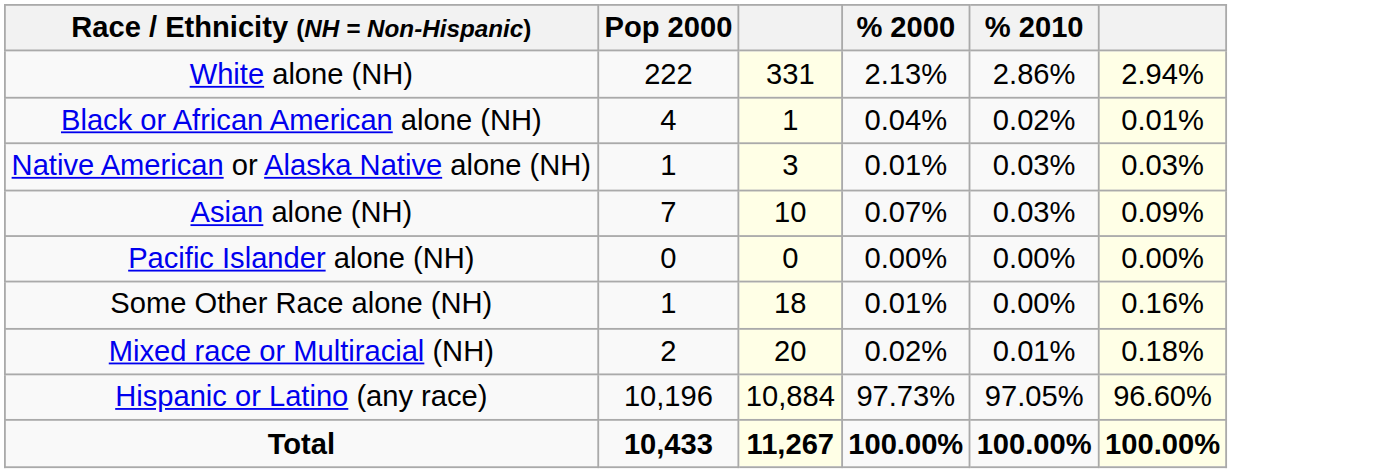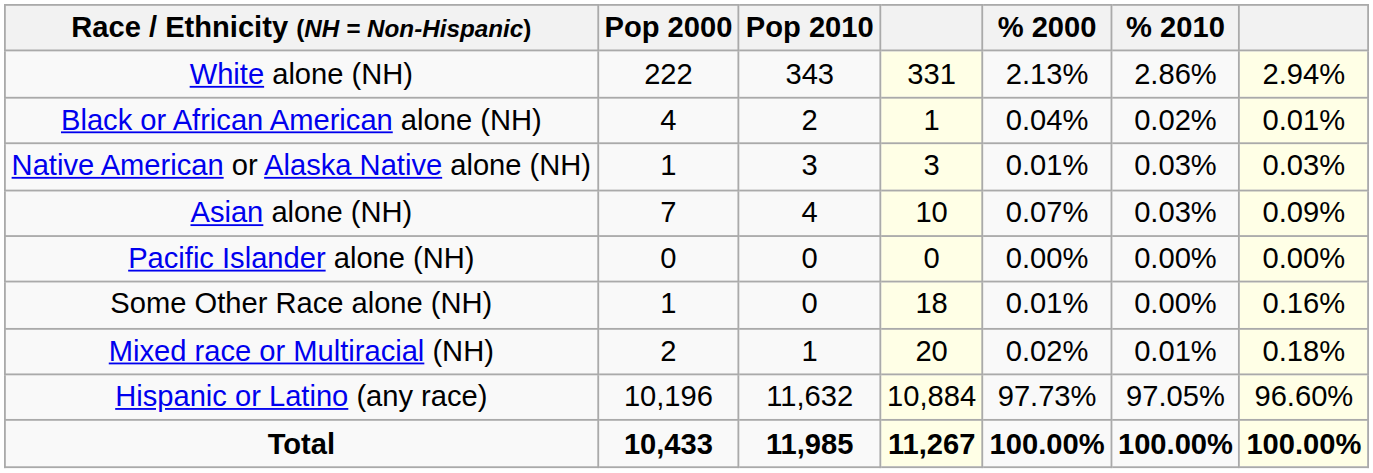 <table class="wikitable" style="text-align:center;">
 <tr>
 <th>Race / Ethnicity <small>(<em>NH = Non-Hispanic</em>)</small></th>
 <th>Pop 2000</th>
+<th>Pop 2010</th>
 <th></th>
 <th>% 2000</th>
 <th>% 2010</th>
 <th></th>
 </tr>
 <tr>
 <td><a href='#'>White</a> alone (NH)</td>
 <td>222</td>
+<td>343</td>
 <td style='background: #ffffe6;'>331</td>
 <td>2.13%</td>
 <td>2.86%</td>
 <td style='background: #ffffe6;'>2.94%</td>
 </tr>
 <tr>
 <td><a href='#'>Black or African American</a> alone (NH)</td>
 <td>4</td>
+<td>2</td>
 <td style='background: #ffffe6;'>1</td>
 <td>0.04%</td>
 <td>0.02%</td>
 <td style='background: #ffffe6;'>0.01%</td>
 </tr>
 <tr>
 <td><a href='#'>Native American</a> or <a href='#'>Alaska Native</a> alone (NH)</td>
 <td>1</td>
+<td>3</td>
 <td style='background: #ffffe6;'>3</td>
 <td>0.01%</td>
 <td>0.03%</td>
 <td style='background: #ffffe6;'>0.03%</td>
 </tr>
 <tr>
 <td><a href='#'>Asian</a> alone (NH)</td>
 <td>7</td>
+<td>4</td>
 <td style='background: #ffffe6;'>10</td>
 <td>0.07%</td>
 <td>0.03%</td>
 <td style='background: #ffffe6;'>0.09%</td>
 </tr>
 <tr>
 <td><a href='#'>Pacific Islander</a> alone (NH)</td>
+<td>0</td>
 <td>0</td>
 <td style='background: #ffffe6;'>0</td>
 <td>0.00%</td>
 <td>0.00%</td>
 <td style='background: #ffffe6;'>0.00%</td>
 </tr>
 <tr>
 <td>Some Other Race alone (NH)</td>
 <td>1</td>
+<td>0</td>
 <td style='background: #ffffe6;'>18</td>
 <td>0.01%</td>
 <td>0.00%</td>
 <td style='background: #ffffe6;'>0.16%</td>
 </tr>
 <tr>
 <td><a href='#'>Mixed race or Multiracial</a> (NH)</td>
 <td>2</td>
+<td>1</td>
 <td style='background: #ffffe6;'>20</td>
 <td>0.02%</td>
 <td>0.01%</td>
 <td style='background: #ffffe6;'>0.18%</td>
 </tr>
 <tr>
 <td><a href='#'>Hispanic or Latino</a> (any race)</td>
 <td>10,196</td>
+<td>11,632</td>
 <td style='background: #ffffe6;'>10,884</td>
 <td>97.73%</td>
 <td>97.05%</td>
 <td style='background: #ffffe6;'>96.60%</td>
 </tr>
 <tr>
 <td><strong>Total</strong></td>
 <td><strong>10,433</strong></td>
+<td><strong>11,985</strong></td>
 <td style='background: #ffffe6;'><strong>11,267</strong></td>
 <td><strong>100.00%</strong></td>
 <td><strong>100.00%</strong></td>
 <td style='background: #ffffe6;'><strong>100.00%</strong></td>
 </tr>
 </table>
